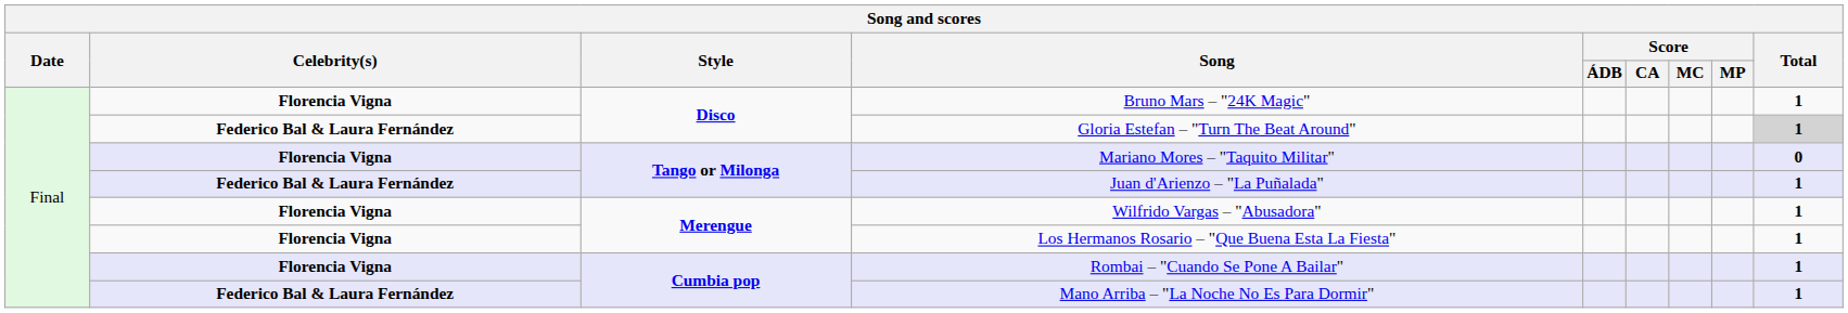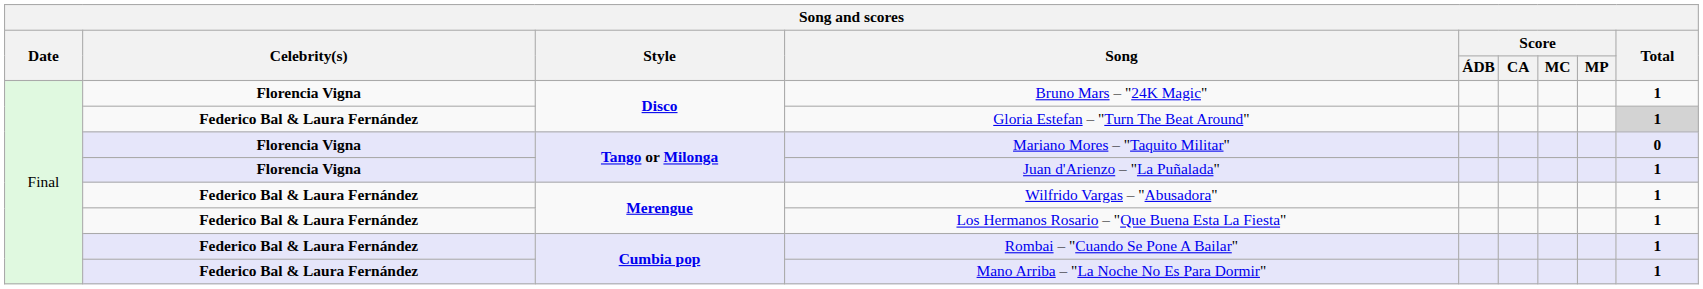 <table class="wikitable collapsible collapsed" style="font-size:90%; text-align: center; width: 100%;">
 <tr>
 <th colspan="11" style="with: 100%;" align=center>Song and scores</th>
 </tr>
 <tr>
 <th rowspan="2">Date</th>
 <th rowspan="2">Celebrity(s)</th>
 <th rowspan="2">Style</th>
 <th rowspan="2">Song</th>
 <th colspan="4">Score</th>
 <th rowspan="2">Total</th>
 </tr>
 <tr>
 <th width=30>ÁDB</th>
 <th width=30>CA</th>
 <th width=30>MC</th>
 <th width=30>MP</th>
 </tr>
 <tr>
 <td rowspan="8" style=" background:#E0F9E0">Final<br></td>
 <td><strong>Florencia Vigna</strong></td>
 <td rowspan="2"><strong><a href='#'>Disco</a></strong></td>
 <td><a href='#'>Bruno Mars</a> – "<a href='#'>24K Magic</a>"</td>
 <td></td>
 <td></td>
 <td></td>
 <td></td>
 <td><strong>1</strong></td>
 </tr>
 <tr>
 <td><strong>Federico Bal & Laura Fernández</strong></td>
 <td><a href='#'>Gloria Estefan</a> – "<a href='#'>Turn The Beat Around</a>"</td>
 <td></td>
 <td></td>
 <td></td>
 <td></td>
 <td style="background: lightgrey;"><strong>1</strong></td>
 </tr>
 <tr style="background:lavender;">
 <td><strong>Florencia Vigna</strong></td>
 <td rowspan="2"><strong><a href='#'>Tango</a> or <a href='#'>Milonga</a></strong></td>
 <td><a href='#'>Mariano Mores</a> – "<a href='#'>Taquito Militar</a>"</td>
 <td></td>
 <td></td>
 <td></td>
 <td></td>
 <td><strong>0</strong></td>
 </tr>
 <tr style="background:lavender;">
-<td><strong>Federico Bal & Laura Fernández</strong></td>
+<td><strong>Florencia Vigna</strong></td>
 <td><a href='#'>Juan d'Arienzo</a> – "<a href='#'>La Puñalada</a>"</td>
 <td></td>
 <td></td>
 <td></td>
 <td></td>
 <td><strong>1</strong></td>
 </tr>
 <tr>
-<td><strong>Florencia Vigna</strong></td>
+<td><strong>Federico Bal & Laura Fernández</strong></td>
 <td rowspan="2"><strong><a href='#'>Merengue</a></strong></td>
 <td><a href='#'>Wilfrido Vargas</a> – "<a href='#'>Abusadora</a>"</td>
 <td></td>
 <td></td>
 <td></td>
 <td></td>
 <td><strong>1</strong></td>
 </tr>
 <tr>
-<td><strong>Florencia Vigna</strong></td>
+<td><strong>Federico Bal & Laura Fernández</strong></td>
 <td><a href='#'>Los Hermanos Rosario</a> – "<a href='#'>Que Buena Esta La Fiesta</a>"</td>
 <td></td>
 <td></td>
 <td></td>
 <td></td>
 <td><strong>1</strong></td>
 </tr>
 <tr style="background:lavender;">
-<td><strong>Florencia Vigna</strong></td>
+<td><strong>Federico Bal & Laura Fernández</strong></td>
 <td rowspan="2"><strong><a href='#'>Cumbia pop</a></strong></td>
 <td><a href='#'>Rombai</a> – "<a href='#'>Cuando Se Pone A Bailar</a>"</td>
 <td></td>
 <td></td>
 <td></td>
 <td></td>
 <td><strong>1</strong></td>
 </tr>
 <tr style="background:lavender;">
 <td><strong>Federico Bal & Laura Fernández</strong></td>
 <td><a href='#'>Mano Arriba</a> – "<a href='#'>La Noche No Es Para Dormir</a>"</td>
 <td></td>
 <td></td>
 <td></td>
 <td></td>
 <td><strong>1</strong></td>
 </tr>
 </table>
